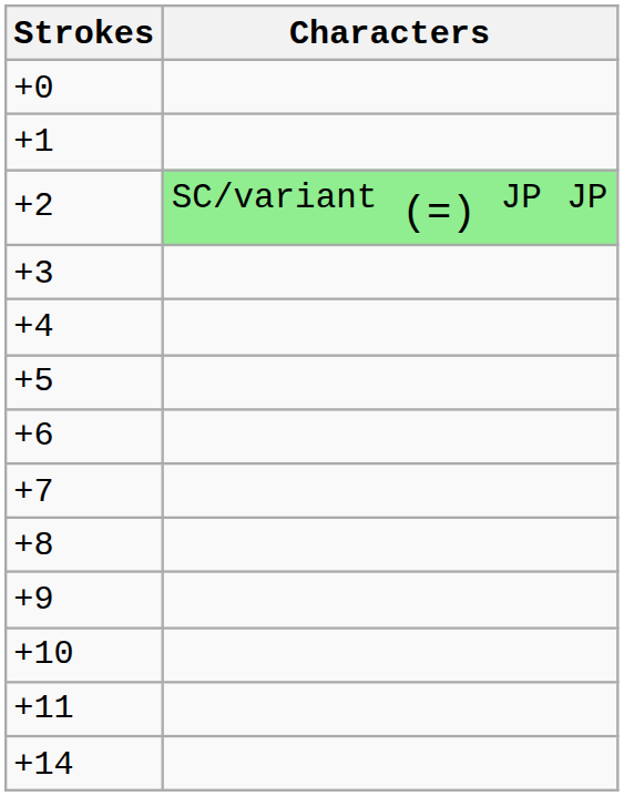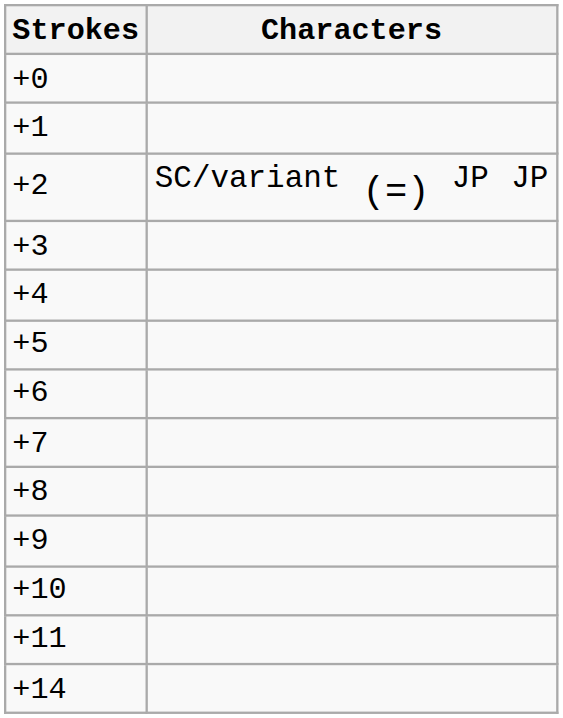 <table class="wikitable">
 <tr>
 <th>Strokes</th>
 <th>Characters</th>
 </tr>
 <tr --->
 <td>+0</td>
 <td style="font-size: large;"></td>
 </tr>
 <tr --->
 <td>+1</td>
 <td style="font-size: large;"></td>
 </tr>
 <tr --->
 <td>+2</td>
-<td style="background: lightgreen; font-size: large;">     <sup>SC/variant</sup> (=) <sup>JP</sup> <sup>JP</sup></td>
+<td style="font-size: large;">     <sup>SC/variant</sup> (=) <sup>JP</sup> <sup>JP</sup></td>
 </tr>
 <tr --->
 <td>+3</td>
 <td style="font-size: large;">    </td>
 </tr>
 <tr --->
 <td>+4</td>
 <td style="font-size: large;"></td>
 </tr>
 <tr --->
 <td>+5</td>
 <td style="font-size: large;"></td>
 </tr>
 <tr --->
 <td>+6</td>
 <td style="font-size: large;">  </td>
 </tr>
 <tr --->
 <td>+7</td>
 <td style="font-size: large;"></td>
 </tr>
 <tr --->
 <td>+8</td>
 <td style="font-size: large;"></td>
 </tr>
 <tr --->
 <td>+9</td>
 <td style="font-size: large;"> </td>
 </tr>
 <tr --->
 <td>+10</td>
 <td style="font-size: large;"> </td>
 </tr>
 <tr --->
 <td>+11</td>
 <td style="font-size: large;"></td>
 </tr>
 <tr --->
 <td>+14</td>
 <td style="font-size: large;"></td>
 </tr>
 </table>
